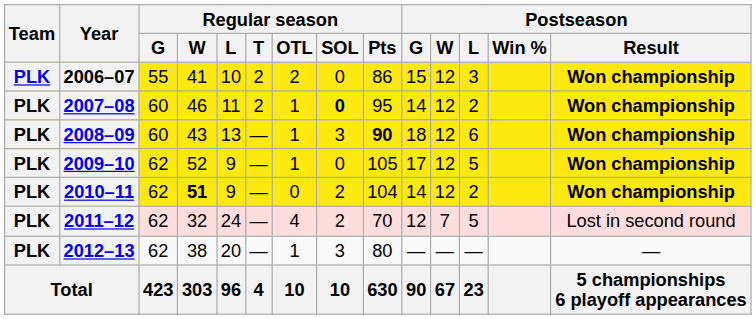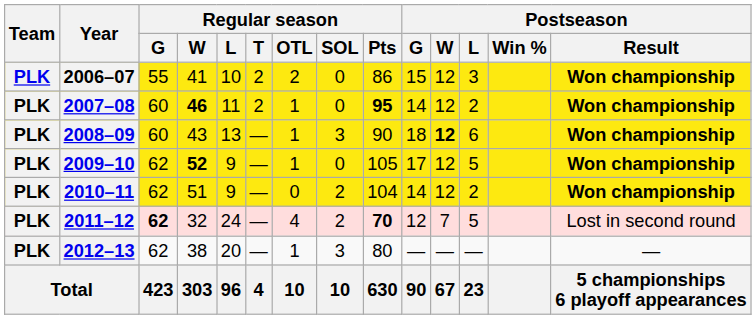 <table class="wikitable" style="font-size: 95%; text-align:center;">
 <tr>
 <th rowspan="2">Team</th>
 <th rowspan="2">Year</th>
 <th colspan="7">Regular season</th>
 <th colspan="5">Postseason</th>
 </tr>
 <tr>
 <th>G</th>
 <th>W</th>
 <th>L</th>
 <th>T</th>
 <th>OTL</th>
 <th>SOL</th>
 <th>Pts</th>
 <th>G</th>
 <th>W</th>
 <th>L</th>
 <th>Win %</th>
 <th>Result</th>
 </tr>
 <tr style="background:#FDE910;">
 <th><a href='#'>PLK</a></th>
 <th>2006–07</th>
 <td>55</td>
 <td>41</td>
 <td>10</td>
 <td>2</td>
 <td>2</td>
 <td>0</td>
 <td>86</td>
 <td>15</td>
 <td>12</td>
 <td>3</td>
 <td></td>
 <td><strong>Won championship</strong></td>
 </tr>
 <tr style="background:#FDE910;">
 <th>PLK</th>
 <th><a href='#'>2007–08</a></th>
 <td>60</td>
-<td>46</td>
+<td><strong>46</strong></td>
 <td>11</td>
 <td>2</td>
 <td>1</td>
-<td><strong>0</strong></td>
-<td>95</td>
+<td>0</td>
+<td><strong>95</strong></td>
 <td>14</td>
 <td>12</td>
 <td>2</td>
 <td></td>
 <td><strong>Won championship</strong></td>
 </tr>
 <tr style="background:#FDE910;">
 <th>PLK</th>
 <th><a href='#'>2008–09</a></th>
 <td>60</td>
 <td>43</td>
 <td>13</td>
 <td>—</td>
 <td>1</td>
 <td>3</td>
-<td><strong>90</strong></td>
+<td>90</td>
 <td>18</td>
-<td>12</td>
+<td><strong>12</strong></td>
 <td>6</td>
 <td></td>
 <td><strong>Won championship</strong></td>
 </tr>
 <tr style="background:#FDE910;">
 <th>PLK</th>
 <th><a href='#'>2009–10</a></th>
 <td>62</td>
-<td>52</td>
+<td><strong>52</strong></td>
 <td>9</td>
 <td>—</td>
 <td>1</td>
 <td>0</td>
 <td>105</td>
 <td>17</td>
 <td>12</td>
 <td>5</td>
 <td></td>
 <td><strong>Won championship</strong></td>
 </tr>
 <tr style="background:#FDE910;">
 <th>PLK</th>
 <th><a href='#'>2010–11</a></th>
 <td>62</td>
-<td><strong>51</strong></td>
+<td>51</td>
 <td>9</td>
 <td>—</td>
 <td>0</td>
 <td>2</td>
 <td>104</td>
 <td>14</td>
 <td>12</td>
 <td>2</td>
 <td></td>
 <td><strong>Won championship</strong></td>
 </tr>
 <tr style="background:#fdd;">
 <th>PLK</th>
 <th><a href='#'>2011–12</a></th>
-<td>62</td>
+<td><strong>62</strong></td>
 <td>32</td>
 <td>24</td>
 <td>—</td>
 <td>4</td>
 <td>2</td>
-<td>70</td>
+<td><strong>70</strong></td>
 <td>12</td>
 <td>7</td>
 <td>5</td>
 <td></td>
 <td>Lost in second round</td>
 </tr>
 <tr style="background:#;">
 <th>PLK</th>
 <th><a href='#'>2012–13</a></th>
 <td>62</td>
 <td>38</td>
 <td>20</td>
 <td>—</td>
 <td>1</td>
 <td>3</td>
 <td>80</td>
 <td>—</td>
 <td>—</td>
 <td>—</td>
 <td></td>
 <td>—</td>
 </tr>
 <tr>
 <th colspan="2">Total</th>
 <th>423</th>
 <th>303</th>
 <th>96</th>
 <th>4</th>
 <th>10</th>
 <th>10</th>
 <th>630</th>
 <th>90</th>
 <th>67</th>
 <th>23</th>
 <th></th>
 <th>5 championships<br>6 playoff appearances</th>
 </tr>
 </table>
